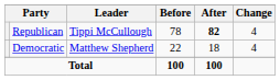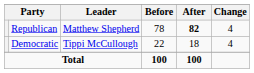 <table class="wikitable" style="text-align:center;">
 <tr>
 </tr>
 <tr>
 <th colspan=2>Party</th>
 <th>Leader</th>
 <th style="width:3em">Before</th>
 <th style="width:3em">After</th>
 <th style="width:3em">Change</th>
 </tr>
 <tr>
 <th style="background-color:"></th>
 <td style="text-align:left;"><a href='#'>Republican</a></td>
-<td style="text-align:left;"><a href='#'>Tippi McCullough</a></td>
+<td style="text-align:left;"><a href='#'>Matthew Shepherd</a></td>
 <td>78</td>
 <td><strong>82</strong></td>
 <td> 4</td>
 </tr>
 <tr>
 <th style="background-color:"></th>
 <td style="text-align:left;"><a href='#'>Democratic</a></td>
-<td style="text-align:left;"><a href='#'>Matthew Shepherd</a></td>
+<td style="text-align:left;"><a href='#'>Tippi McCullough</a></td>
 <td>22</td>
 <td>18</td>
 <td> 4</td>
 </tr>
 <tr>
 </tr>
 <tr>
 <td colspan=3><strong>Total</strong></td>
 <td><strong>100</strong></td>
 <td><strong>100</strong></td>
 <td></td>
 </tr>
 </table>
